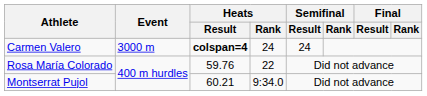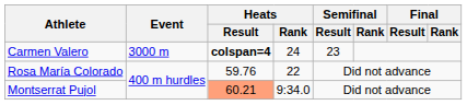 <table class="wikitable" style="font-size:90%">
 <tr>
 <th rowspan="2">Athlete</th>
 <th rowspan="2">Event</th>
 <th colspan="2">Heats</th>
 <th colspan="2">Semifinal</th>
 <th colspan="2">Final</th>
 </tr>
 <tr style="font-size:95%">
 <th>Result</th>
 <th>Rank</th>
 <th>Result</th>
 <th>Rank</th>
 <th>Result</th>
 <th>Rank</th>
 </tr>
 <tr align=center>
 <td align=left><a href='#'>Carmen Valero</a></td>
 <td align=left><a href='#'>3000 m</a></td>
 <td><strong>colspan=4 </strong></td>
 <td>24</td>
-<td>24</td>
+<td>23</td>
 </tr>
 <tr align=center>
 <td align=left><a href='#'>Rosa María Colorado</a></td>
 <td align=left rowspan =2><a href='#'>400 m hurdles</a></td>
 <td>59.76</td>
 <td>22</td>
 <td colspan=4>Did not advance</td>
 </tr>
 <tr align=center>
 <td align=left><a href='#'>Montserrat Pujol</a></td>
-<td>60.21</td>
+<td style="background: lightsalmon;">60.21</td>
 <td>9:34.0</td>
 <td colspan=4>Did not advance</td>
 </tr>
 </table>
